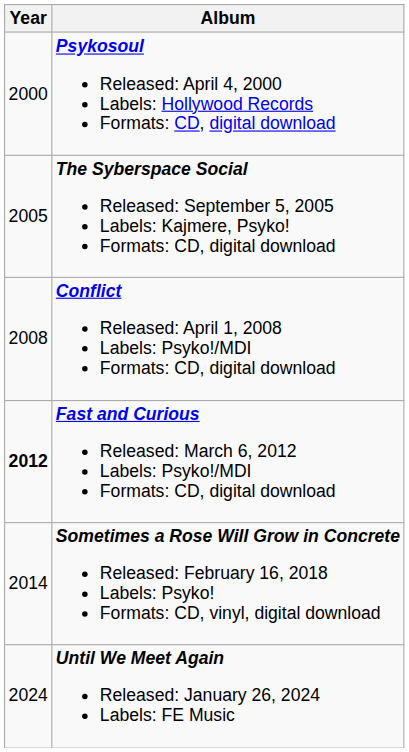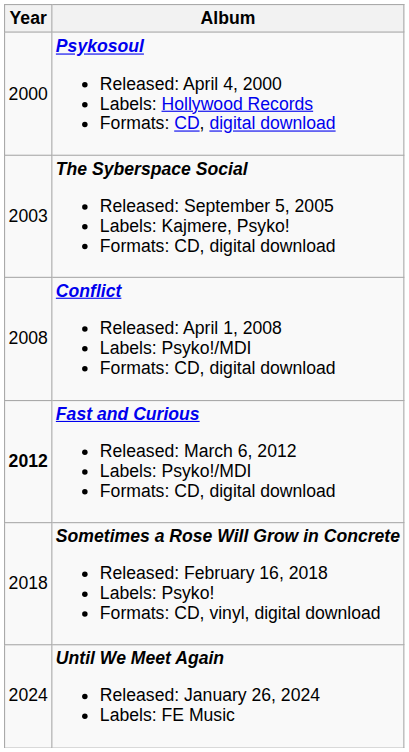 <table class="wikitable">
 <tr>
 <th scope="col">Year</th>
 <th scope="col">Album</th>
 </tr>
 <tr>
 <td>2000</td>
 <td><strong><em><a href='#'>Psykosoul</a></em></strong><br><ul><li>Released: April 4, 2000</li><li>Labels: <a href='#'>Hollywood Records</a></li><li>Formats: <a href='#'>CD</a>, <a href='#'>digital download</a></li></ul></td>
 </tr>
 <tr>
-<td>2005</td>
+<td>2003</td>
 <td><strong><em>The Syberspace Social</em></strong><br><ul><li>Released: September 5, 2005</li><li>Labels: Kajmere, Psyko!</li><li>Formats: CD, digital download</li></ul></td>
 </tr>
 <tr>
 <td>2008</td>
 <td><strong><em><a href='#'>Conflict</a></em></strong><br><ul><li>Released: April 1, 2008</li><li>Labels: Psyko!/MDI</li><li>Formats: CD, digital download</li></ul></td>
 </tr>
 <tr>
 <td><strong>2012</strong></td>
 <td><strong><em><a href='#'>Fast and Curious</a></em></strong><br><ul><li>Released: March 6, 2012</li><li>Labels: Psyko!/MDI</li><li>Formats: CD, digital download</li></ul></td>
 </tr>
 <tr>
-<td>2014</td>
+<td>2018</td>
 <td><strong><em>Sometimes a Rose Will Grow in Concrete</em></strong><br><ul><li>Released: February 16, 2018</li><li>Labels: Psyko!</li><li>Formats: CD, vinyl, digital download</li></ul></td>
 </tr>
 <tr>
 <td>2024</td>
 <td><strong><em>Until We Meet Again</em></strong><br><ul><li>Released: January 26, 2024</li><li>Labels: FE Music</li></ul></td>
 </tr>
 </table>
